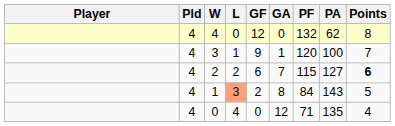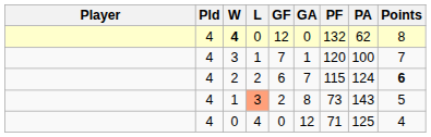 <table class=wikitable style="text-align:center;">
 <tr>
 <th width=220>Player</th>
 <th width=20>Pld</th>
 <th width=20>W</th>
 <th width=20>L</th>
 <th width=20>GF</th>
 <th width=20>GA</th>
 <th width=20>PF</th>
 <th width=20>PA</th>
 <th width=50>Points</th>
 </tr>
 <tr bgcolor=#ffffcc>
 <td style="text-align:left;"></td>
 <td>4</td>
-<td>4</td>
+<td><strong>4</strong></td>
 <td>0</td>
 <td>12</td>
 <td>0</td>
 <td>132</td>
 <td>62</td>
 <td>8</td>
 </tr>
 <tr>
 <td style="text-align:left;"></td>
 <td>4</td>
 <td>3</td>
 <td>1</td>
-<td>9</td>
+<td>7</td>
 <td>1</td>
 <td>120</td>
 <td>100</td>
 <td>7</td>
 </tr>
 <tr>
 <td style="text-align:left;"></td>
 <td>4</td>
 <td>2</td>
 <td>2</td>
 <td>6</td>
 <td>7</td>
 <td>115</td>
-<td>127</td>
+<td>124</td>
 <td><strong>6</strong></td>
 </tr>
 <tr>
 <td style="text-align:left;"></td>
 <td>4</td>
 <td>1</td>
 <td style="background: lightsalmon;">3</td>
 <td>2</td>
 <td>8</td>
-<td>84</td>
+<td>73</td>
 <td>143</td>
 <td>5</td>
 </tr>
 <tr>
 <td style="text-align:left;"></td>
 <td>4</td>
 <td>0</td>
 <td>4</td>
 <td>0</td>
 <td>12</td>
 <td>71</td>
-<td>135</td>
+<td>125</td>
 <td>4</td>
 </tr>
 </table>
